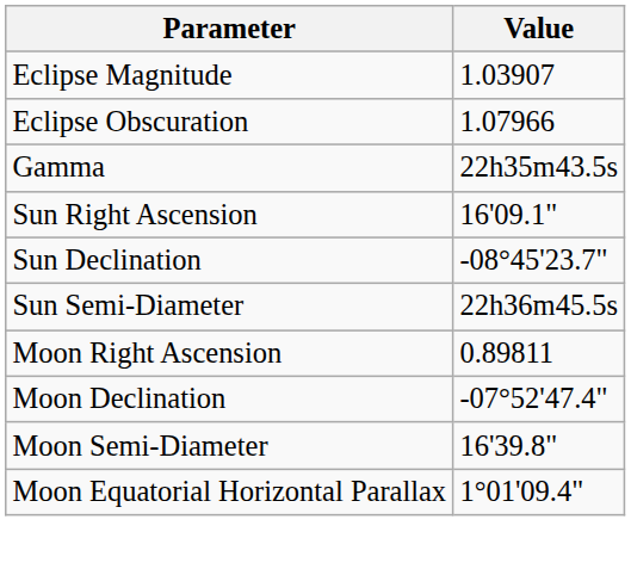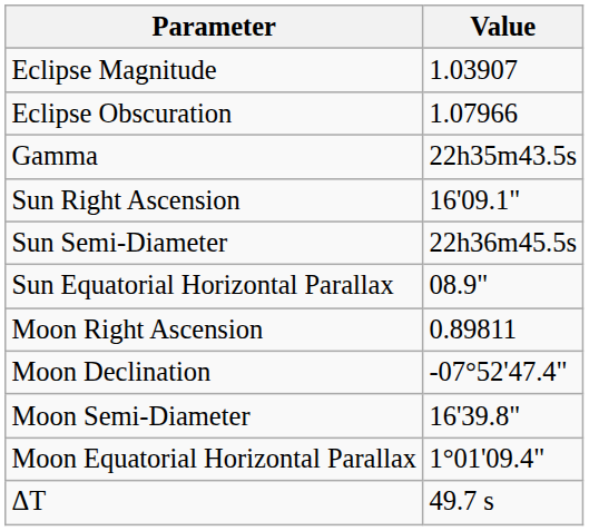 <table class="wikitable">
 <tr>
 <th>Parameter</th>
 <th>Value</th>
 </tr>
 <tr>
 <td>Eclipse Magnitude</td>
 <td>1.03907</td>
 </tr>
 <tr>
 <td>Eclipse Obscuration</td>
 <td>1.07966</td>
 </tr>
 <tr>
 <td>Gamma</td>
 <td>22h35m43.5s</td>
 </tr>
 <tr>
 <td>Sun Right Ascension</td>
 <td>16'09.1"</td>
 </tr>
 <tr>
-<td>Sun Declination</td>
-<td>-08°45'23.7"</td>
+<td>Sun Semi-Diameter</td>
+<td>22h36m45.5s</td>
 </tr>
 <tr>
-<td>Sun Semi-Diameter</td>
-<td>22h36m45.5s</td>
+<td>Sun Equatorial Horizontal Parallax</td>
+<td>08.9"</td>
 </tr>
 <tr>
 <td>Moon Right Ascension</td>
 <td>0.89811</td>
 </tr>
 <tr>
 <td>Moon Declination</td>
 <td>-07°52'47.4"</td>
 </tr>
 <tr>
 <td>Moon Semi-Diameter</td>
 <td>16'39.8"</td>
 </tr>
 <tr>
 <td>Moon Equatorial Horizontal Parallax</td>
 <td>1°01'09.4"</td>
 </tr>
+<tr>
+<td>ΔT</td>
+<td>49.7 s</td>
+</tr>
 </table>
